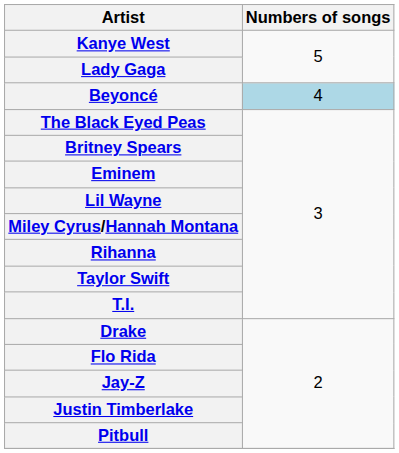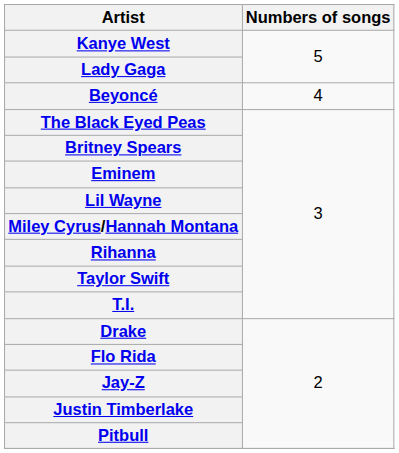 <table class="wikitable sortable plainrowheaders" style="text-align:center;">
 <tr>
 <th scope="col">Artist</th>
 <th scope="col">Numbers of songs</th>
 </tr>
 <tr>
 <th scope="row"><a href='#'>Kanye West</a></th>
 <td rowspan=2>5</td>
 </tr>
 <tr>
 <th scope="row"><a href='#'>Lady Gaga</a></th>
 </tr>
 <tr>
 <th scope="row"><a href='#'>Beyoncé</a></th>
-<td style="background: lightblue;">4</td>
+<td>4</td>
 </tr>
 <tr>
 <th scope="row"><a href='#'>The Black Eyed Peas</a></th>
 <td rowspan="8">3</td>
 </tr>
 <tr>
 <th scope="row"><a href='#'>Britney Spears</a></th>
 </tr>
 <tr>
 <th scope="row"><a href='#'>Eminem</a></th>
 </tr>
 <tr>
 <th scope="row"><a href='#'>Lil Wayne</a></th>
 </tr>
 <tr>
 <th scope="row"><a href='#'>Miley Cyrus</a>/<a href='#'>Hannah Montana</a></th>
 </tr>
 <tr>
 <th scope="row"><a href='#'>Rihanna</a></th>
 </tr>
 <tr>
 <th scope="row"><a href='#'>Taylor Swift</a></th>
 </tr>
 <tr>
 <th scope="row"><a href='#'>T.I.</a></th>
 </tr>
 <tr>
 <th scope="row"><a href='#'>Drake</a></th>
 <td rowspan="5">2</td>
 </tr>
 <tr>
 <th scope="row"><a href='#'>Flo Rida</a></th>
 </tr>
 <tr>
 <th scope="row"><a href='#'>Jay-Z</a></th>
 </tr>
 <tr>
 <th scope="row"><a href='#'>Justin Timberlake</a></th>
 </tr>
 <tr>
 <th scope="row"><a href='#'>Pitbull</a></th>
 </tr>
 <tr>
 </tr>
 </table>
